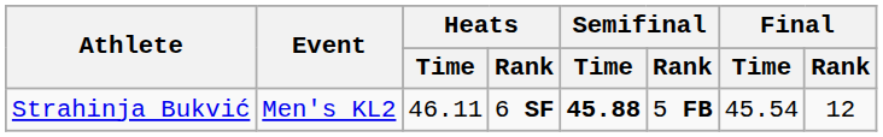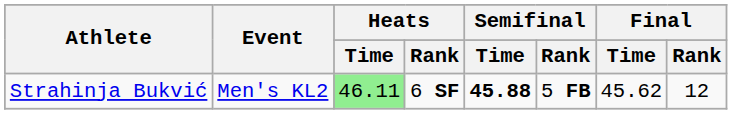 <table class="wikitable" style="font-size:90%">
 <tr>
 <th rowspan="2">Athlete</th>
 <th rowspan="2">Event</th>
 <th colspan="2">Heats</th>
 <th colspan="2">Semifinal</th>
 <th colspan="2">Final</th>
 </tr>
 <tr>
 <th>Time</th>
 <th>Rank</th>
 <th>Time</th>
 <th>Rank</th>
 <th>Time</th>
 <th>Rank</th>
 </tr>
 <tr align=center>
 <td align=left><a href='#'>Strahinja Bukvić</a></td>
 <td align=left><a href='#'>Men's KL2</a></td>
-<td>46.11</td>
+<td style="background: lightgreen;">46.11</td>
 <td>6 <strong>SF</strong></td>
 <td><strong>45.88</strong></td>
 <td>5 <strong>FB</strong></td>
-<td>45.54</td>
+<td>45.62</td>
 <td>12</td>
 </tr>
 </table>
